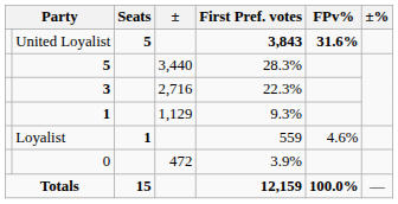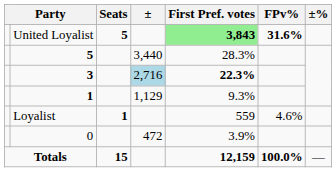 <table class=wikitable>
 <tr>
 <th colspan=2 align=center>Party</th>
 <th valign=top>Seats</th>
 <th valign=top>±</th>
 <th valign=top>First Pref. votes</th>
 <th valign=top>FPv%</th>
 <th valign=top>±%</th>
 </tr>
 <tr>
 <td></td>
 <td>United Loyalist</td>
 <td align=right><strong>5</strong></td>
 <td align=right></td>
-<td align=right><strong>3,843</strong></td>
+<td align=right style="background: lightgreen;"><strong>3,843</strong></td>
 <td align=right><strong>31.6%</strong></td>
 <td align=right></td>
 </tr>
 <tr>
 <td></td>
 <td align=right><strong>5</strong></td>
 <td align=right></td>
 <td align=right>3,440</td>
 <td align=right>28.3%</td>
 <td align=right></td>
 </tr>
 <tr>
 <td></td>
 <td align=right><strong>3</strong></td>
 <td align=right></td>
-<td align=right>2,716</td>
-<td align=right>22.3%</td>
+<td align=right style="background: lightblue;">2,716</td>
+<td align=right><strong>22.3%</strong></td>
 <td align=right></td>
 </tr>
 <tr>
 <td></td>
 <td align=right><strong>1</strong></td>
 <td align=right></td>
 <td align=right>1,129</td>
 <td align=right>9.3%</td>
 <td align=right></td>
 </tr>
 <tr>
 <td></td>
 <td>Loyalist</td>
 <td align=right><strong>1</strong></td>
 <td align=right></td>
 <td align=right>559</td>
 <td align=right>4.6%</td>
 <td align=right></td>
 </tr>
 <tr>
 <td></td>
 <td align=right>0</td>
 <td align=right></td>
 <td align=right>472</td>
 <td align=right>3.9%</td>
 <td align=right></td>
 </tr>
 <tr>
 <td colspan=2 align=center><strong>Totals</strong></td>
 <td align=right><strong>15</strong></td>
 <td align=center></td>
 <td align=right><strong>12,159</strong></td>
 <td align=center><strong>100.0%</strong></td>
 <td align=center>—</td>
 </tr>
 </table>
